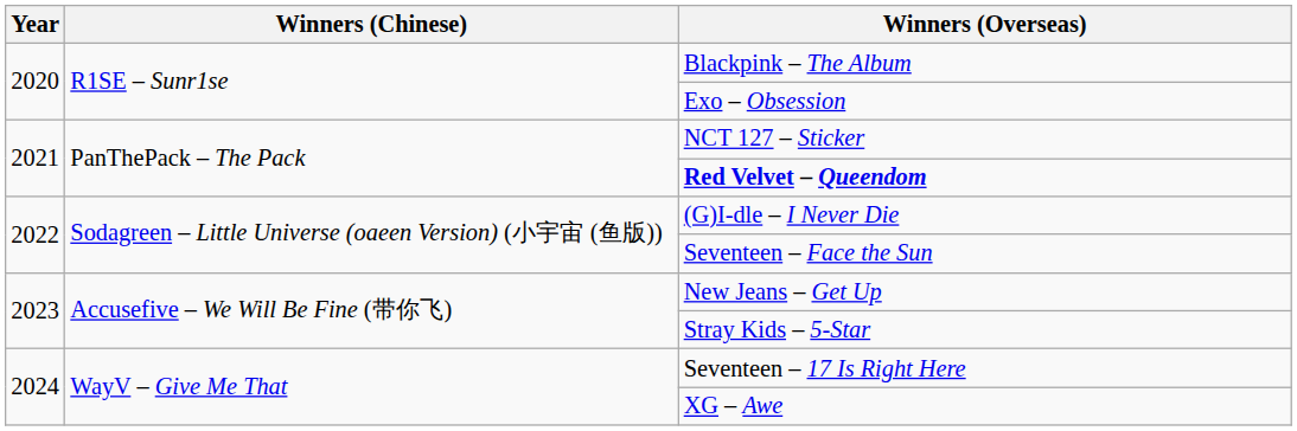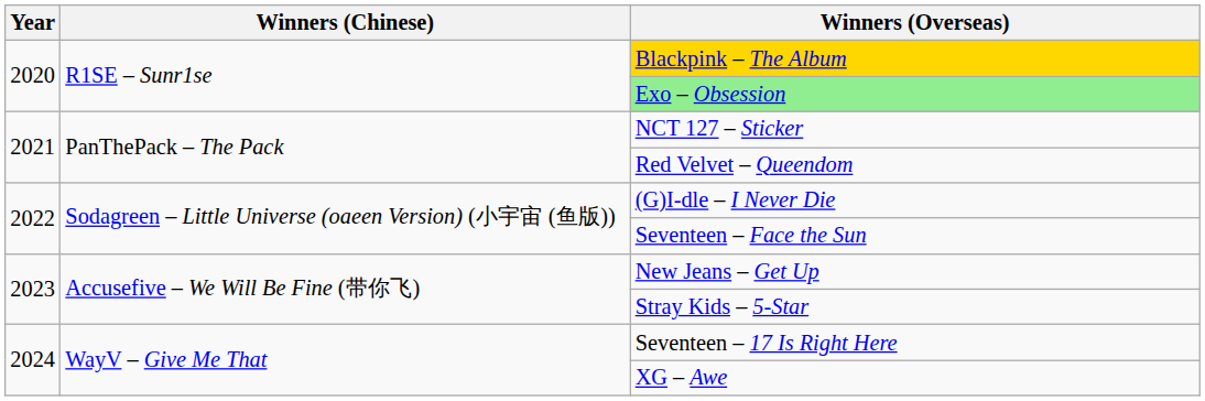 <table class="wikitable">
 <tr>
 <th>Year</th>
 <th style="width:25em;">Winners (Chinese)</th>
 <th style="width:25em;">Winners (Overseas)</th>
 </tr>
 <tr>
 <td rowspan="2">2020</td>
 <td rowspan="2"><a href='#'>R1SE</a> – <em>Sunr1se</em></td>
-<td><a href='#'>Blackpink</a> – <em><a href='#'>The Album</a></em></td>
+<td style="background: gold;"><a href='#'>Blackpink</a> – <em><a href='#'>The Album</a></em></td>
 </tr>
 <tr>
-<td><a href='#'>Exo</a> – <em><a href='#'>Obsession</a></em></td>
+<td style="background: lightgreen;"><a href='#'>Exo</a> – <em><a href='#'>Obsession</a></em></td>
 </tr>
 <tr>
 <td rowspan="2">2021</td>
 <td rowspan="2">PanThePack – <em>The Pack</em></td>
 <td><a href='#'>NCT 127</a> – <em><a href='#'>Sticker</a></em></td>
 </tr>
 <tr>
-<td><strong><a href='#'>Red Velvet</a> – <em><a href='#'>Queendom</a></em></strong></td>
+<td><a href='#'>Red Velvet</a> – <em><a href='#'>Queendom</a></em></td>
 </tr>
 <tr>
 <td rowspan="2">2022</td>
 <td rowspan="2"><a href='#'>Sodagreen</a> – <em>Little Universe (oaeen Version)</em> (小宇宙 (鱼版))</td>
 <td><a href='#'>(G)I-dle</a> – <em><a href='#'>I Never Die</a></em></td>
 </tr>
 <tr>
 <td><a href='#'>Seventeen</a> – <em><a href='#'>Face the Sun</a></em></td>
 </tr>
 <tr>
 <td rowspan="2">2023</td>
 <td rowspan="2"><a href='#'>Accusefive</a> – <em>We Will Be Fine</em> (带你飞)</td>
 <td><a href='#'>New Jeans</a> – <em><a href='#'>Get Up</a></em></td>
 </tr>
 <tr>
 <td><a href='#'>Stray Kids</a> – <em><a href='#'>5-Star</a></em></td>
 </tr>
 <tr>
 <td rowspan="2">2024</td>
 <td rowspan="2"><a href='#'>WayV</a> – <em><a href='#'>Give Me That</a></em></td>
 <td>Seventeen – <em><a href='#'>17 Is Right Here</a></em></td>
 </tr>
 <tr>
 <td><a href='#'>XG</a> – <em><a href='#'>Awe</a></em></td>
 </tr>
 </table>
